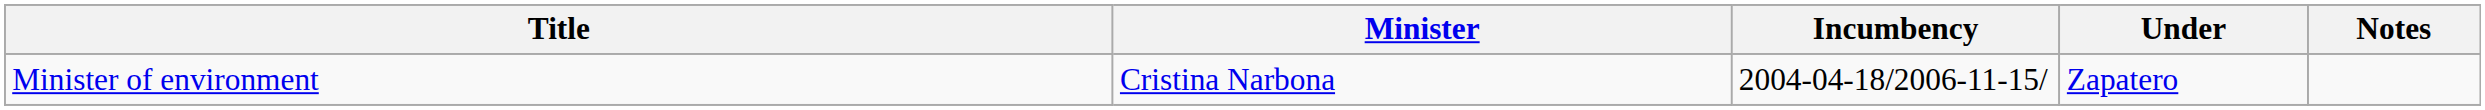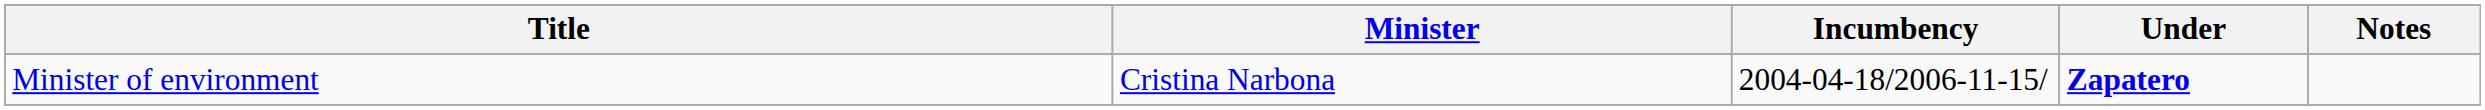 <table class="wikitable" style="width:100%;">
 <tr>
 <th>Title</th>
 <th style="width:25%;"><a href='#'>Minister</a></th>
 <th style="width:160px;">Incumbency</th>
 <th style="width:10%;">Under</th>
 <th style="width:7%;">Notes</th>
 </tr>
 <tr>
 <td rowspan="2" style="vertical-align:top;"><a href='#'>Minister of environment</a></td>
 <td><a href='#'>Cristina Narbona</a></td>
 <td>2004-04-18/2006-11-15/</td>
-<td><a href='#'>Zapatero</a></td>
+<td><strong><a href='#'>Zapatero</a></strong></td>
 <td></td>
 </tr>
 </table>
